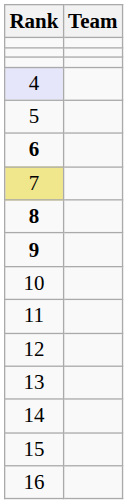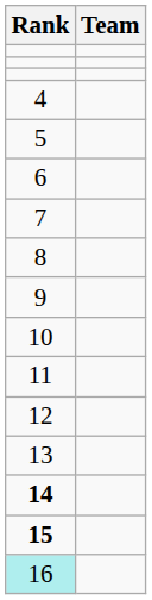 <table class=wikitable style="text-align: center;">
 <tr>
 <th>Rank</th>
 <th>Team</th>
 </tr>
 <tr>
 <td></td>
 <td style="text-align: left;"></td>
 </tr>
 <tr>
 <td></td>
 <td style="text-align: left;"></td>
 </tr>
 <tr>
 <td></td>
 <td style="text-align: left;"></td>
 </tr>
 <tr>
-<td style="background: lavender;">4</td>
+<td>4</td>
 <td style="text-align: left;"></td>
 </tr>
 <tr>
 <td>5</td>
 <td style="text-align: left;"></td>
 </tr>
 <tr>
-<td><strong>6</strong></td>
+<td>6</td>
 <td style="text-align: left;"></td>
 </tr>
 <tr>
-<td style="background: khaki;">7</td>
+<td>7</td>
 <td style="text-align: left;"></td>
 </tr>
 <tr>
-<td><strong>8</strong></td>
+<td>8</td>
 <td style="text-align: left;"></td>
 </tr>
 <tr>
-<td><strong>9</strong></td>
+<td>9</td>
 <td style="text-align: left;"></td>
 </tr>
 <tr>
 <td>10</td>
 <td style="text-align: left;"></td>
 </tr>
 <tr>
 <td>11</td>
 <td style="text-align: left;"></td>
 </tr>
 <tr>
 <td>12</td>
 <td style="text-align: left;"></td>
 </tr>
 <tr>
 <td>13</td>
 <td style="text-align: left;"></td>
 </tr>
 <tr>
-<td>14</td>
+<td><strong>14</strong></td>
 <td style="text-align: left;"></td>
 </tr>
 <tr>
-<td>15</td>
+<td><strong>15</strong></td>
 <td style="text-align: left;"></td>
 </tr>
 <tr>
-<td>16</td>
+<td style="background: paleturquoise;">16</td>
 <td style="text-align: left;"></td>
 </tr>
 </table>
